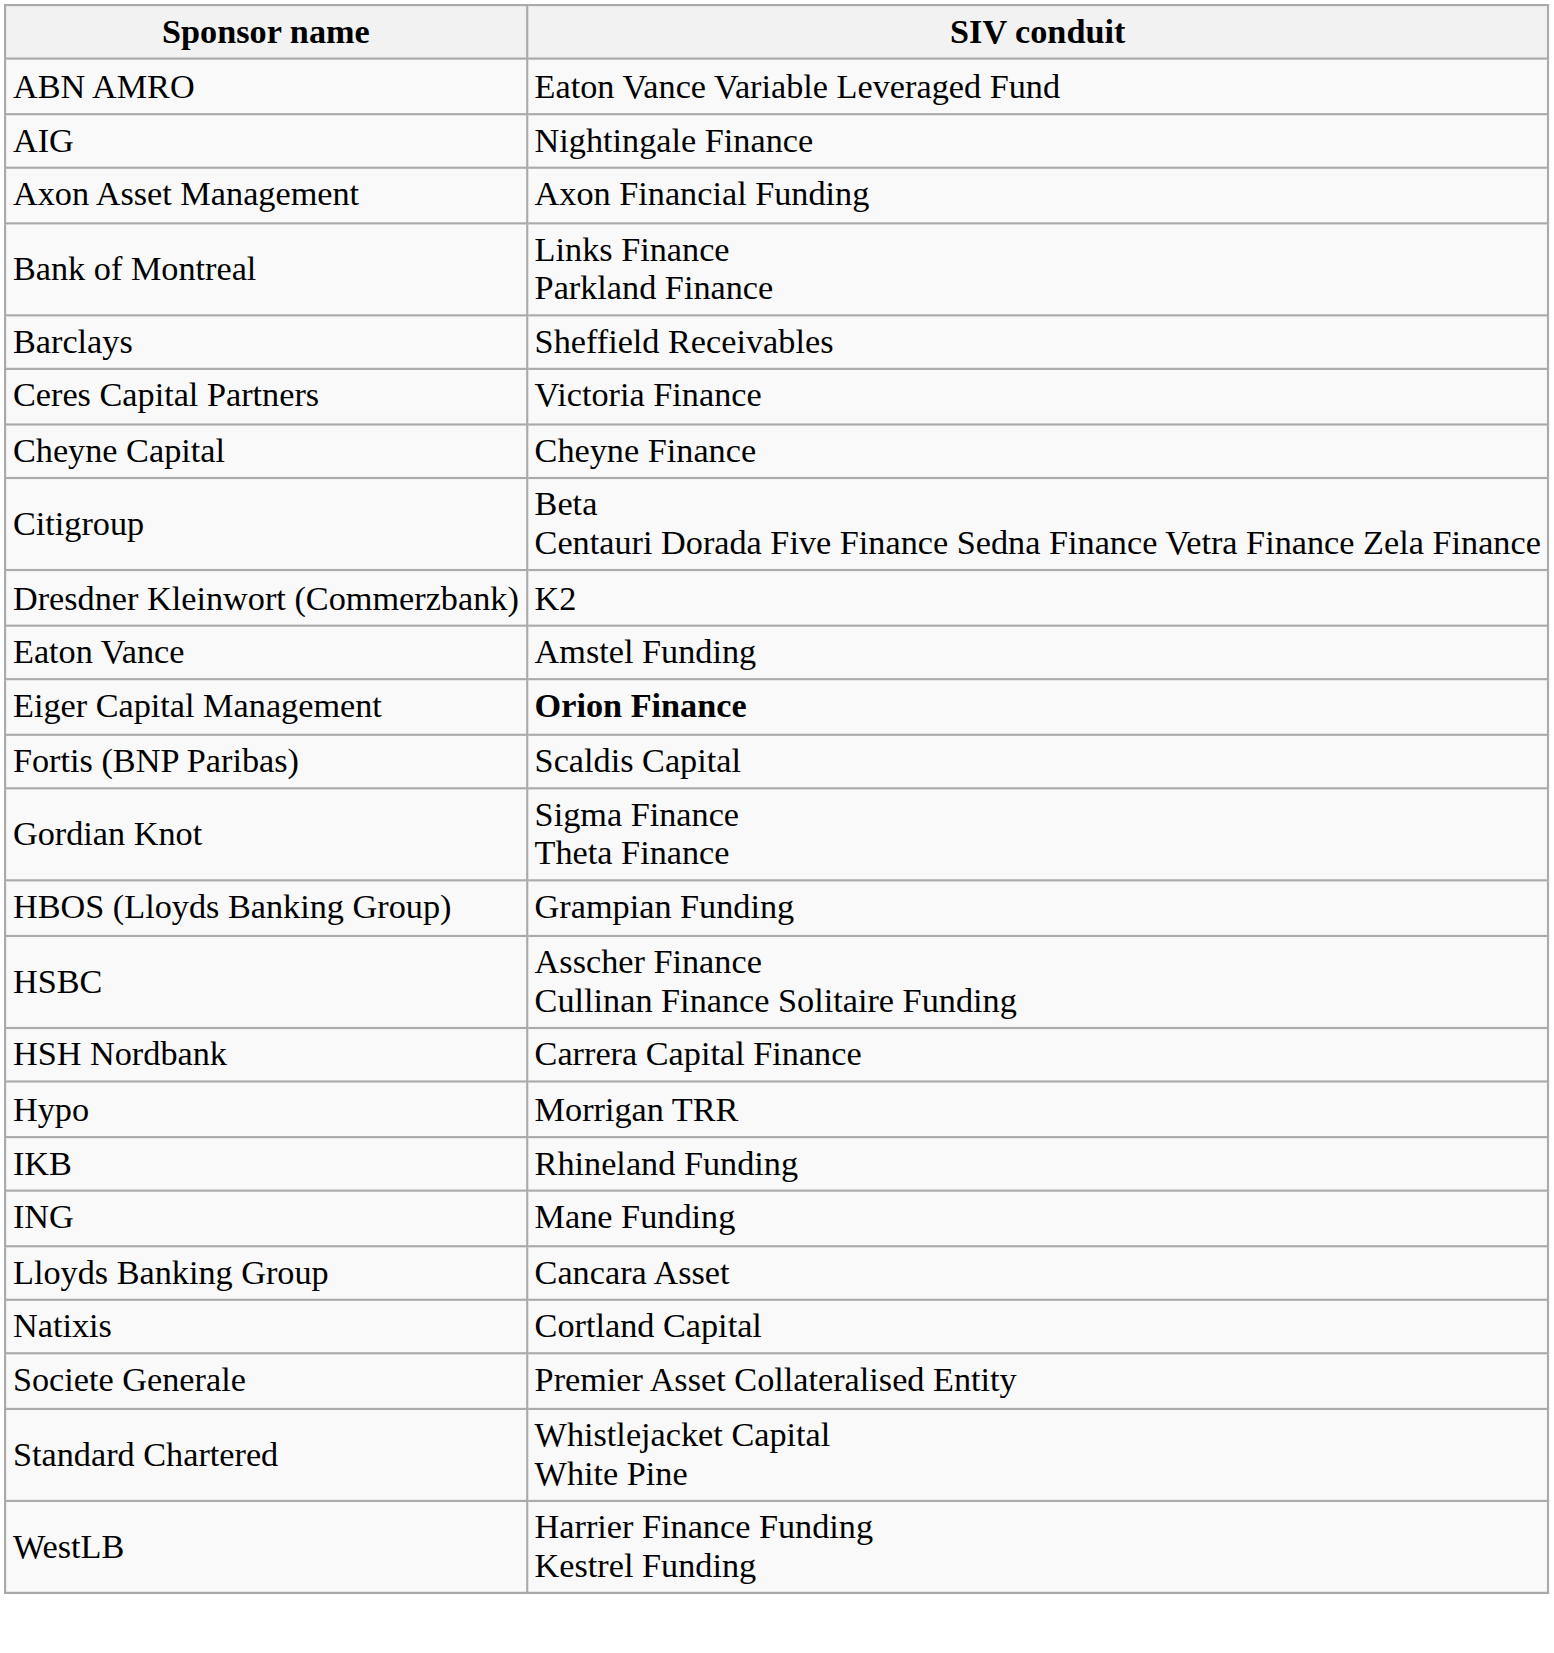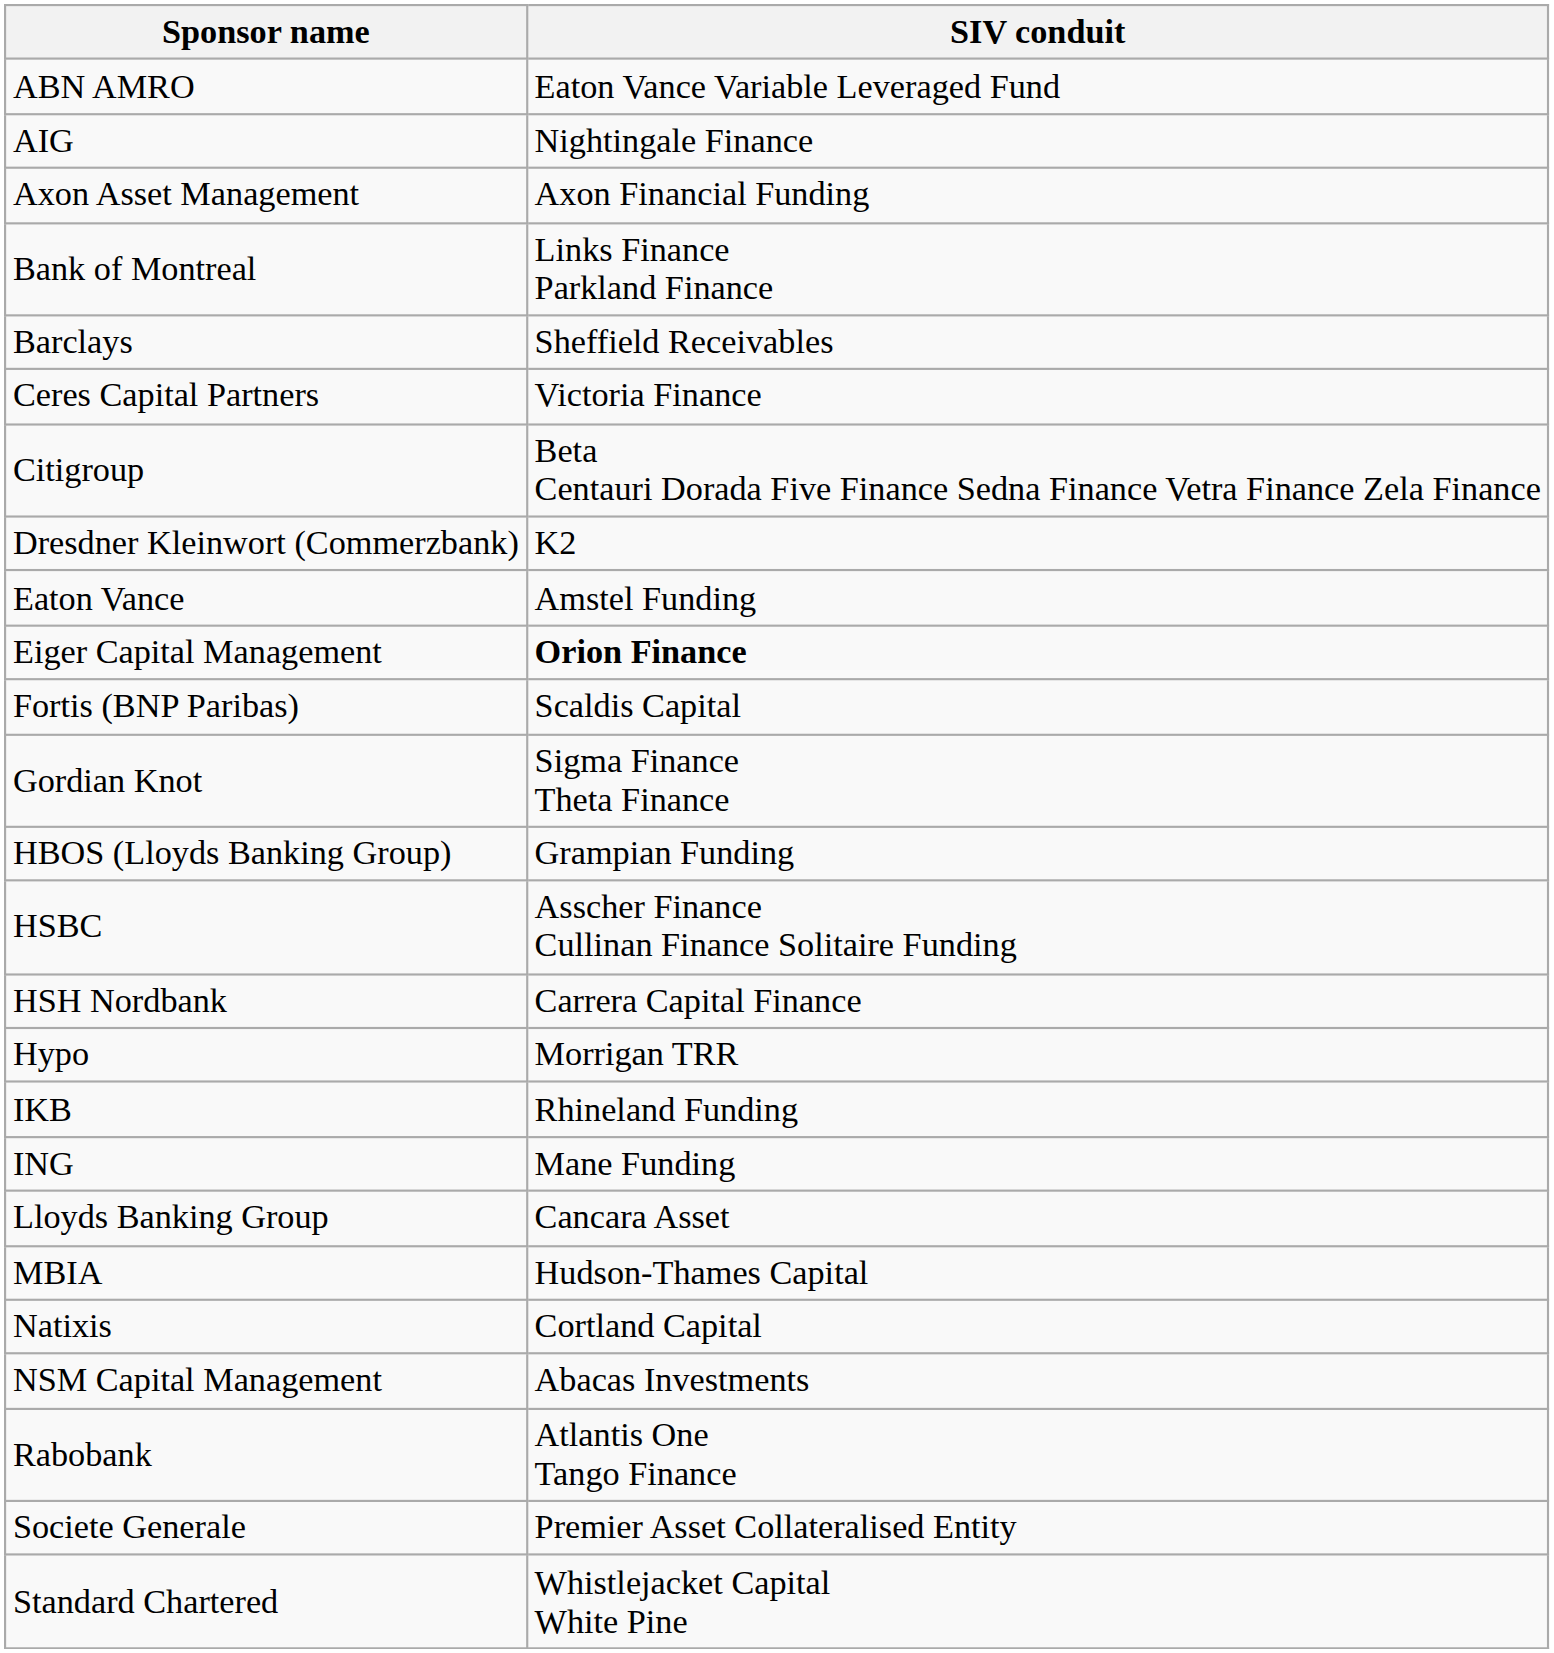 <table class="wikitable sortable">
 <tr>
 <th>Sponsor name</th>
 <th>SIV conduit</th>
 </tr>
 <tr>
 <td>ABN AMRO</td>
 <td>Eaton Vance Variable Leveraged Fund</td>
 </tr>
 <tr>
 <td>AIG</td>
 <td>Nightingale Finance</td>
 </tr>
 <tr>
 <td>Axon Asset Management</td>
 <td>Axon Financial Funding</td>
 </tr>
 <tr>
 <td>Bank of Montreal</td>
 <td>Links Finance<br>Parkland Finance</td>
 </tr>
 <tr>
 <td>Barclays</td>
 <td>Sheffield Receivables</td>
 </tr>
 <tr>
 <td>Ceres Capital Partners</td>
 <td>Victoria Finance</td>
-</tr>
-<tr>
-<td>Cheyne Capital</td>
-<td>Cheyne Finance</td>
 </tr>
 <tr>
 <td>Citigroup</td>
 <td>Beta<br>Centauri Dorada Five Finance Sedna Finance Vetra Finance Zela Finance</td>
 </tr>
 <tr>
 <td>Dresdner Kleinwort (Commerzbank)</td>
 <td>K2</td>
 </tr>
 <tr>
 <td>Eaton Vance</td>
 <td>Amstel Funding</td>
 </tr>
 <tr>
 <td>Eiger Capital Management</td>
 <td><strong>Orion Finance</strong></td>
 </tr>
 <tr>
 <td>Fortis (BNP Paribas)</td>
 <td>Scaldis Capital</td>
 </tr>
 <tr>
 <td>Gordian Knot</td>
 <td>Sigma Finance<br>Theta Finance</td>
 </tr>
 <tr>
 <td>HBOS (Lloyds Banking Group)</td>
 <td>Grampian Funding</td>
 </tr>
 <tr>
 <td>HSBC</td>
 <td>Asscher Finance<br>Cullinan Finance Solitaire Funding</td>
 </tr>
 <tr>
 <td> HSH Nordbank</td>
 <td>Carrera Capital Finance</td>
 </tr>
 <tr>
 <td>Hypo</td>
 <td>Morrigan TRR</td>
 </tr>
 <tr>
 <td>IKB</td>
 <td>Rhineland Funding</td>
 </tr>
 <tr>
 <td>ING</td>
 <td>Mane Funding</td>
 </tr>
 <tr>
 <td>Lloyds Banking Group</td>
 <td>Cancara Asset</td>
 </tr>
 <tr>
+<td>MBIA</td>
+<td>Hudson-Thames Capital</td>
+</tr>
+<tr>
 <td>Natixis</td>
 <td>Cortland Capital</td>
+</tr>
+<tr>
+<td>NSM Capital Management</td>
+<td>Abacas Investments</td>
+</tr>
+<tr>
+<td>Rabobank</td>
+<td>Atlantis One<br>Tango Finance</td>
 </tr>
 <tr>
 <td>Societe Generale</td>
 <td>Premier Asset Collateralised Entity</td>
 </tr>
 <tr>
 <td>Standard Chartered</td>
 <td>Whistlejacket Capital<br>White Pine</td>
 </tr>
 <tr>
-<td>WestLB</td>
-<td>Harrier Finance Funding<br>Kestrel Funding</td>
-</tr>
-<tr>
 </tr>
 </table>
